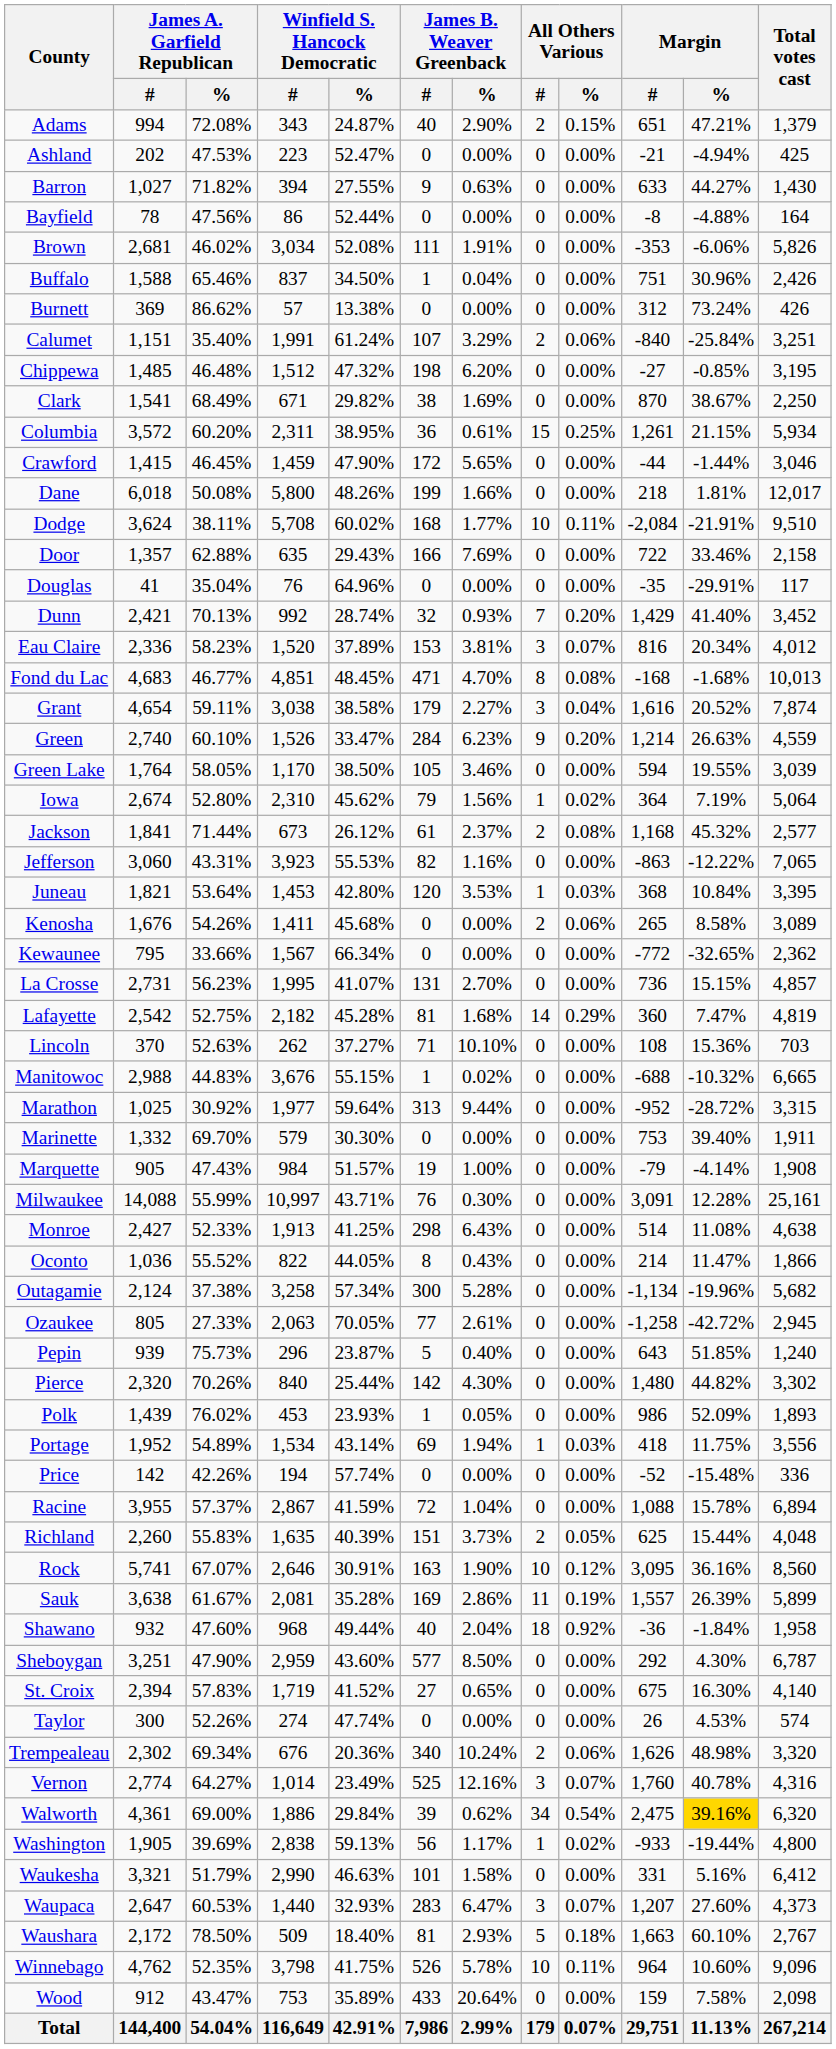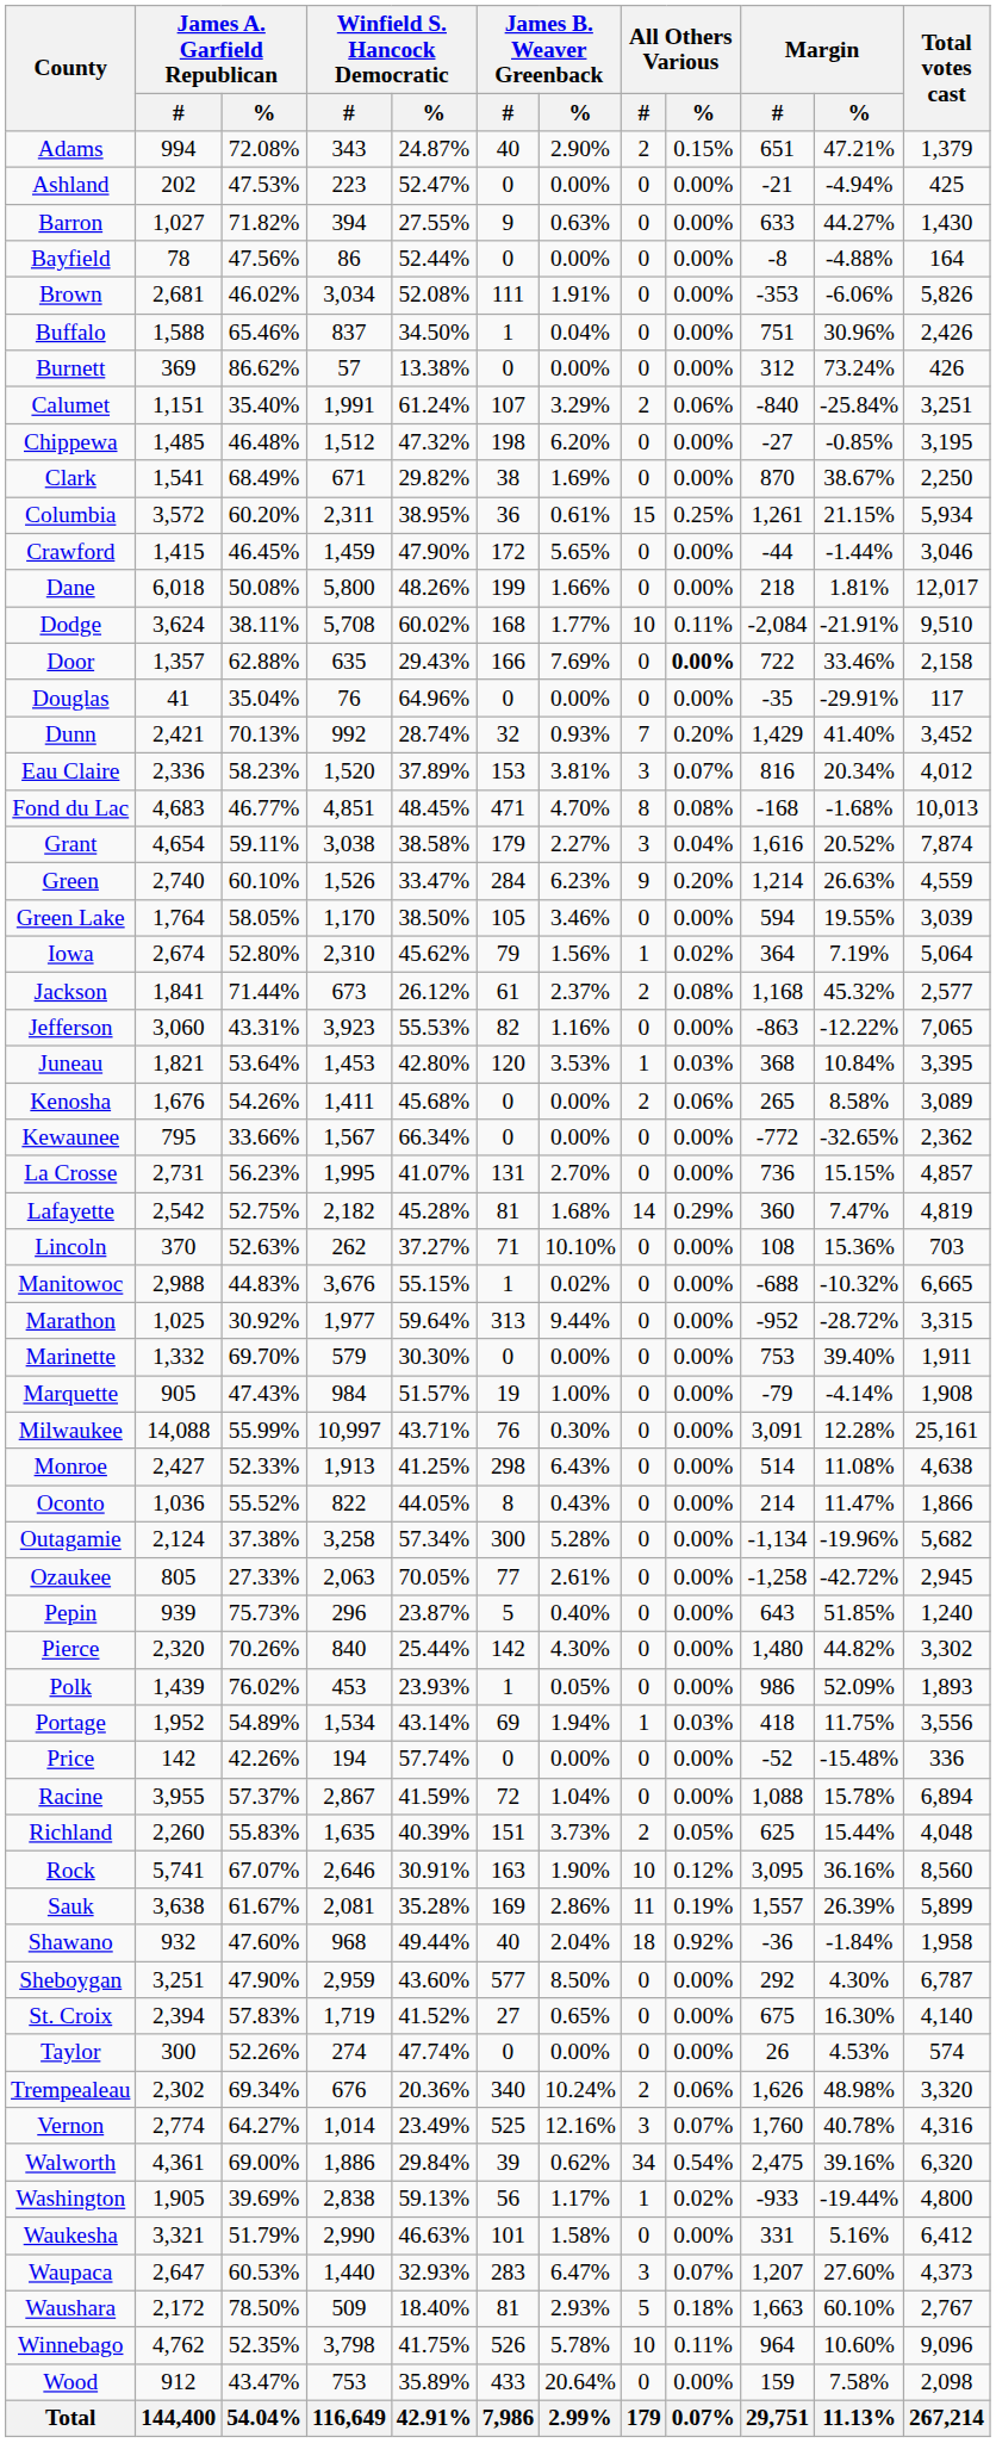 <table width="75%" class="wikitable sortable" style="text-align:center">
 <tr>
 <th rowspan="2" style="text-align:center;">County</th>
 <th colspan="2" style="text-align:center;"><a href='#'>James A. Garfield</a><br>Republican</th>
 <th colspan="2" style="text-align:center;"><a href='#'>Winfield S. Hancock</a><br>Democratic</th>
 <th colspan="2" style="text-align:center;"><a href='#'>James B. Weaver</a><br>Greenback</th>
 <th colspan="2" style="text-align:center;">All Others<br>Various</th>
 <th colspan="2" style="text-align:center;">Margin</th>
 <th rowspan="2" style="text-align:center;">Total votes cast</th>
 </tr>
 <tr>
 <th style="text-align:center;" data-sort-type="number">#</th>
 <th style="text-align:center;" data-sort-type="number">%</th>
 <th style="text-align:center;" data-sort-type="number">#</th>
 <th style="text-align:center;" data-sort-type="number">%</th>
 <th style="text-align:center;" data-sort-type="number">#</th>
 <th style="text-align:center;" data-sort-type="number">%</th>
 <th style="text-align:center;" data-sort-type="number">#</th>
 <th style="text-align:center;" data-sort-type="number">%</th>
 <th style="text-align:center;" data-sort-type="number">#</th>
 <th style="text-align:center;" data-sort-type="number">%</th>
 </tr>
 <tr style="text-align:center;">
 <td><a href='#'>Adams</a></td>
 <td>994</td>
 <td>72.08%</td>
 <td>343</td>
 <td>24.87%</td>
 <td>40</td>
 <td>2.90%</td>
 <td>2</td>
 <td>0.15%</td>
 <td>651</td>
 <td>47.21%</td>
 <td>1,379</td>
 </tr>
 <tr style="text-align:center;">
 <td><a href='#'>Ashland</a></td>
 <td>202</td>
 <td>47.53%</td>
 <td>223</td>
 <td>52.47%</td>
 <td>0</td>
 <td>0.00%</td>
 <td>0</td>
 <td>0.00%</td>
 <td>-21</td>
 <td>-4.94%</td>
 <td>425</td>
 </tr>
 <tr style="text-align:center;">
 <td><a href='#'>Barron</a></td>
 <td>1,027</td>
 <td>71.82%</td>
 <td>394</td>
 <td>27.55%</td>
 <td>9</td>
 <td>0.63%</td>
 <td>0</td>
 <td>0.00%</td>
 <td>633</td>
 <td>44.27%</td>
 <td>1,430</td>
 </tr>
 <tr style="text-align:center;">
 <td><a href='#'>Bayfield</a></td>
 <td>78</td>
 <td>47.56%</td>
 <td>86</td>
 <td>52.44%</td>
 <td>0</td>
 <td>0.00%</td>
 <td>0</td>
 <td>0.00%</td>
 <td>-8</td>
 <td>-4.88%</td>
 <td>164</td>
 </tr>
 <tr style="text-align:center;">
 <td><a href='#'>Brown</a></td>
 <td>2,681</td>
 <td>46.02%</td>
 <td>3,034</td>
 <td>52.08%</td>
 <td>111</td>
 <td>1.91%</td>
 <td>0</td>
 <td>0.00%</td>
 <td>-353</td>
 <td>-6.06%</td>
 <td>5,826</td>
 </tr>
 <tr style="text-align:center;">
 <td><a href='#'>Buffalo</a></td>
 <td>1,588</td>
 <td>65.46%</td>
 <td>837</td>
 <td>34.50%</td>
 <td>1</td>
 <td>0.04%</td>
 <td>0</td>
 <td>0.00%</td>
 <td>751</td>
 <td>30.96%</td>
 <td>2,426</td>
 </tr>
 <tr style="text-align:center;">
 <td><a href='#'>Burnett</a></td>
 <td>369</td>
 <td>86.62%</td>
 <td>57</td>
 <td>13.38%</td>
 <td>0</td>
 <td>0.00%</td>
 <td>0</td>
 <td>0.00%</td>
 <td>312</td>
 <td>73.24%</td>
 <td>426</td>
 </tr>
 <tr style="text-align:center;">
 <td><a href='#'>Calumet</a></td>
 <td>1,151</td>
 <td>35.40%</td>
 <td>1,991</td>
 <td>61.24%</td>
 <td>107</td>
 <td>3.29%</td>
 <td>2</td>
 <td>0.06%</td>
 <td>-840</td>
 <td>-25.84%</td>
 <td>3,251</td>
 </tr>
 <tr style="text-align:center;">
 <td><a href='#'>Chippewa</a></td>
 <td>1,485</td>
 <td>46.48%</td>
 <td>1,512</td>
 <td>47.32%</td>
 <td>198</td>
 <td>6.20%</td>
 <td>0</td>
 <td>0.00%</td>
 <td>-27</td>
 <td>-0.85%</td>
 <td>3,195</td>
 </tr>
 <tr style="text-align:center;">
 <td><a href='#'>Clark</a></td>
 <td>1,541</td>
 <td>68.49%</td>
 <td>671</td>
 <td>29.82%</td>
 <td>38</td>
 <td>1.69%</td>
 <td>0</td>
 <td>0.00%</td>
 <td>870</td>
 <td>38.67%</td>
 <td>2,250</td>
 </tr>
 <tr style="text-align:center;">
 <td><a href='#'>Columbia</a></td>
 <td>3,572</td>
 <td>60.20%</td>
 <td>2,311</td>
 <td>38.95%</td>
 <td>36</td>
 <td>0.61%</td>
 <td>15</td>
 <td>0.25%</td>
 <td>1,261</td>
 <td>21.15%</td>
 <td>5,934</td>
 </tr>
 <tr style="text-align:center;">
 <td><a href='#'>Crawford</a></td>
 <td>1,415</td>
 <td>46.45%</td>
 <td>1,459</td>
 <td>47.90%</td>
 <td>172</td>
 <td>5.65%</td>
 <td>0</td>
 <td>0.00%</td>
 <td>-44</td>
 <td>-1.44%</td>
 <td>3,046</td>
 </tr>
 <tr style="text-align:center;">
 <td><a href='#'>Dane</a></td>
 <td>6,018</td>
 <td>50.08%</td>
 <td>5,800</td>
 <td>48.26%</td>
 <td>199</td>
 <td>1.66%</td>
 <td>0</td>
 <td>0.00%</td>
 <td>218</td>
 <td>1.81%</td>
 <td>12,017</td>
 </tr>
 <tr style="text-align:center;">
 <td><a href='#'>Dodge</a></td>
 <td>3,624</td>
 <td>38.11%</td>
 <td>5,708</td>
 <td>60.02%</td>
 <td>168</td>
 <td>1.77%</td>
 <td>10</td>
 <td>0.11%</td>
 <td>-2,084</td>
 <td>-21.91%</td>
 <td>9,510</td>
 </tr>
 <tr style="text-align:center;">
 <td><a href='#'>Door</a></td>
 <td>1,357</td>
 <td>62.88%</td>
 <td>635</td>
 <td>29.43%</td>
 <td>166</td>
 <td>7.69%</td>
 <td>0</td>
-<td>0.00%</td>
+<td><strong>0.00%</strong></td>
 <td>722</td>
 <td>33.46%</td>
 <td>2,158</td>
 </tr>
 <tr style="text-align:center;">
 <td><a href='#'>Douglas</a></td>
 <td>41</td>
 <td>35.04%</td>
 <td>76</td>
 <td>64.96%</td>
 <td>0</td>
 <td>0.00%</td>
 <td>0</td>
 <td>0.00%</td>
 <td>-35</td>
 <td>-29.91%</td>
 <td>117</td>
 </tr>
 <tr style="text-align:center;">
 <td><a href='#'>Dunn</a></td>
 <td>2,421</td>
 <td>70.13%</td>
 <td>992</td>
 <td>28.74%</td>
 <td>32</td>
 <td>0.93%</td>
 <td>7</td>
 <td>0.20%</td>
 <td>1,429</td>
 <td>41.40%</td>
 <td>3,452</td>
 </tr>
 <tr style="text-align:center;">
 <td><a href='#'>Eau Claire</a></td>
 <td>2,336</td>
 <td>58.23%</td>
 <td>1,520</td>
 <td>37.89%</td>
 <td>153</td>
 <td>3.81%</td>
 <td>3</td>
 <td>0.07%</td>
 <td>816</td>
 <td>20.34%</td>
 <td>4,012</td>
 </tr>
 <tr style="text-align:center;">
 <td><a href='#'>Fond du Lac</a></td>
 <td>4,683</td>
 <td>46.77%</td>
 <td>4,851</td>
 <td>48.45%</td>
 <td>471</td>
 <td>4.70%</td>
 <td>8</td>
 <td>0.08%</td>
 <td>-168</td>
 <td>-1.68%</td>
 <td>10,013</td>
 </tr>
 <tr style="text-align:center;">
 <td><a href='#'>Grant</a></td>
 <td>4,654</td>
 <td>59.11%</td>
 <td>3,038</td>
 <td>38.58%</td>
 <td>179</td>
 <td>2.27%</td>
 <td>3</td>
 <td>0.04%</td>
 <td>1,616</td>
 <td>20.52%</td>
 <td>7,874</td>
 </tr>
 <tr style="text-align:center;">
 <td><a href='#'>Green</a></td>
 <td>2,740</td>
 <td>60.10%</td>
 <td>1,526</td>
 <td>33.47%</td>
 <td>284</td>
 <td>6.23%</td>
 <td>9</td>
 <td>0.20%</td>
 <td>1,214</td>
 <td>26.63%</td>
 <td>4,559</td>
 </tr>
 <tr style="text-align:center;">
 <td><a href='#'>Green Lake</a></td>
 <td>1,764</td>
 <td>58.05%</td>
 <td>1,170</td>
 <td>38.50%</td>
 <td>105</td>
 <td>3.46%</td>
 <td>0</td>
 <td>0.00%</td>
 <td>594</td>
 <td>19.55%</td>
 <td>3,039</td>
 </tr>
 <tr style="text-align:center;">
 <td><a href='#'>Iowa</a></td>
 <td>2,674</td>
 <td>52.80%</td>
 <td>2,310</td>
 <td>45.62%</td>
 <td>79</td>
 <td>1.56%</td>
 <td>1</td>
 <td>0.02%</td>
 <td>364</td>
 <td>7.19%</td>
 <td>5,064</td>
 </tr>
 <tr style="text-align:center;">
 <td><a href='#'>Jackson</a></td>
 <td>1,841</td>
 <td>71.44%</td>
 <td>673</td>
 <td>26.12%</td>
 <td>61</td>
 <td>2.37%</td>
 <td>2</td>
 <td>0.08%</td>
 <td>1,168</td>
 <td>45.32%</td>
 <td>2,577</td>
 </tr>
 <tr style="text-align:center;">
 <td><a href='#'>Jefferson</a></td>
 <td>3,060</td>
 <td>43.31%</td>
 <td>3,923</td>
 <td>55.53%</td>
 <td>82</td>
 <td>1.16%</td>
 <td>0</td>
 <td>0.00%</td>
 <td>-863</td>
 <td>-12.22%</td>
 <td>7,065</td>
 </tr>
 <tr style="text-align:center;">
 <td><a href='#'>Juneau</a></td>
 <td>1,821</td>
 <td>53.64%</td>
 <td>1,453</td>
 <td>42.80%</td>
 <td>120</td>
 <td>3.53%</td>
 <td>1</td>
 <td>0.03%</td>
 <td>368</td>
 <td>10.84%</td>
 <td>3,395</td>
 </tr>
 <tr style="text-align:center;">
 <td><a href='#'>Kenosha</a></td>
 <td>1,676</td>
 <td>54.26%</td>
 <td>1,411</td>
 <td>45.68%</td>
 <td>0</td>
 <td>0.00%</td>
 <td>2</td>
 <td>0.06%</td>
 <td>265</td>
 <td>8.58%</td>
 <td>3,089</td>
 </tr>
 <tr style="text-align:center;">
 <td><a href='#'>Kewaunee</a></td>
 <td>795</td>
 <td>33.66%</td>
 <td>1,567</td>
 <td>66.34%</td>
 <td>0</td>
 <td>0.00%</td>
 <td>0</td>
 <td>0.00%</td>
 <td>-772</td>
 <td>-32.65%</td>
 <td>2,362</td>
 </tr>
 <tr style="text-align:center;">
 <td><a href='#'>La Crosse</a></td>
 <td>2,731</td>
 <td>56.23%</td>
 <td>1,995</td>
 <td>41.07%</td>
 <td>131</td>
 <td>2.70%</td>
 <td>0</td>
 <td>0.00%</td>
 <td>736</td>
 <td>15.15%</td>
 <td>4,857</td>
 </tr>
 <tr style="text-align:center;">
 <td><a href='#'>Lafayette</a></td>
 <td>2,542</td>
 <td>52.75%</td>
 <td>2,182</td>
 <td>45.28%</td>
 <td>81</td>
 <td>1.68%</td>
 <td>14</td>
 <td>0.29%</td>
 <td>360</td>
 <td>7.47%</td>
 <td>4,819</td>
 </tr>
 <tr style="text-align:center;">
 <td><a href='#'>Lincoln</a></td>
 <td>370</td>
 <td>52.63%</td>
 <td>262</td>
 <td>37.27%</td>
 <td>71</td>
 <td>10.10%</td>
 <td>0</td>
 <td>0.00%</td>
 <td>108</td>
 <td>15.36%</td>
 <td>703</td>
 </tr>
 <tr style="text-align:center;">
 <td><a href='#'>Manitowoc</a></td>
 <td>2,988</td>
 <td>44.83%</td>
 <td>3,676</td>
 <td>55.15%</td>
 <td>1</td>
 <td>0.02%</td>
 <td>0</td>
 <td>0.00%</td>
 <td>-688</td>
 <td>-10.32%</td>
 <td>6,665</td>
 </tr>
 <tr style="text-align:center;">
 <td><a href='#'>Marathon</a></td>
 <td>1,025</td>
 <td>30.92%</td>
 <td>1,977</td>
 <td>59.64%</td>
 <td>313</td>
 <td>9.44%</td>
 <td>0</td>
 <td>0.00%</td>
 <td>-952</td>
 <td>-28.72%</td>
 <td>3,315</td>
 </tr>
 <tr style="text-align:center;">
 <td><a href='#'>Marinette</a></td>
 <td>1,332</td>
 <td>69.70%</td>
 <td>579</td>
 <td>30.30%</td>
 <td>0</td>
 <td>0.00%</td>
 <td>0</td>
 <td>0.00%</td>
 <td>753</td>
 <td>39.40%</td>
 <td>1,911</td>
 </tr>
 <tr style="text-align:center;">
 <td><a href='#'>Marquette</a></td>
 <td>905</td>
 <td>47.43%</td>
 <td>984</td>
 <td>51.57%</td>
 <td>19</td>
 <td>1.00%</td>
 <td>0</td>
 <td>0.00%</td>
 <td>-79</td>
 <td>-4.14%</td>
 <td>1,908</td>
 </tr>
 <tr style="text-align:center;">
 <td><a href='#'>Milwaukee</a></td>
 <td>14,088</td>
 <td>55.99%</td>
 <td>10,997</td>
 <td>43.71%</td>
 <td>76</td>
 <td>0.30%</td>
 <td>0</td>
 <td>0.00%</td>
 <td>3,091</td>
 <td>12.28%</td>
 <td>25,161</td>
 </tr>
 <tr style="text-align:center;">
 <td><a href='#'>Monroe</a></td>
 <td>2,427</td>
 <td>52.33%</td>
 <td>1,913</td>
 <td>41.25%</td>
 <td>298</td>
 <td>6.43%</td>
 <td>0</td>
 <td>0.00%</td>
 <td>514</td>
 <td>11.08%</td>
 <td>4,638</td>
 </tr>
 <tr style="text-align:center;">
 <td><a href='#'>Oconto</a></td>
 <td>1,036</td>
 <td>55.52%</td>
 <td>822</td>
 <td>44.05%</td>
 <td>8</td>
 <td>0.43%</td>
 <td>0</td>
 <td>0.00%</td>
 <td>214</td>
 <td>11.47%</td>
 <td>1,866</td>
 </tr>
 <tr style="text-align:center;">
 <td><a href='#'>Outagamie</a></td>
 <td>2,124</td>
 <td>37.38%</td>
 <td>3,258</td>
 <td>57.34%</td>
 <td>300</td>
 <td>5.28%</td>
 <td>0</td>
 <td>0.00%</td>
 <td>-1,134</td>
 <td>-19.96%</td>
 <td>5,682</td>
 </tr>
 <tr style="text-align:center;">
 <td><a href='#'>Ozaukee</a></td>
 <td>805</td>
 <td>27.33%</td>
 <td>2,063</td>
 <td>70.05%</td>
 <td>77</td>
 <td>2.61%</td>
 <td>0</td>
 <td>0.00%</td>
 <td>-1,258</td>
 <td>-42.72%</td>
 <td>2,945</td>
 </tr>
 <tr style="text-align:center;">
 <td><a href='#'>Pepin</a></td>
 <td>939</td>
 <td>75.73%</td>
 <td>296</td>
 <td>23.87%</td>
 <td>5</td>
 <td>0.40%</td>
 <td>0</td>
 <td>0.00%</td>
 <td>643</td>
 <td>51.85%</td>
 <td>1,240</td>
 </tr>
 <tr style="text-align:center;">
 <td><a href='#'>Pierce</a></td>
 <td>2,320</td>
 <td>70.26%</td>
 <td>840</td>
 <td>25.44%</td>
 <td>142</td>
 <td>4.30%</td>
 <td>0</td>
 <td>0.00%</td>
 <td>1,480</td>
 <td>44.82%</td>
 <td>3,302</td>
 </tr>
 <tr style="text-align:center;">
 <td><a href='#'>Polk</a></td>
 <td>1,439</td>
 <td>76.02%</td>
 <td>453</td>
 <td>23.93%</td>
 <td>1</td>
 <td>0.05%</td>
 <td>0</td>
 <td>0.00%</td>
 <td>986</td>
 <td>52.09%</td>
 <td>1,893</td>
 </tr>
 <tr style="text-align:center;">
 <td><a href='#'>Portage</a></td>
 <td>1,952</td>
 <td>54.89%</td>
 <td>1,534</td>
 <td>43.14%</td>
 <td>69</td>
 <td>1.94%</td>
 <td>1</td>
 <td>0.03%</td>
 <td>418</td>
 <td>11.75%</td>
 <td>3,556</td>
 </tr>
 <tr style="text-align:center;">
 <td><a href='#'>Price</a></td>
 <td>142</td>
 <td>42.26%</td>
 <td>194</td>
 <td>57.74%</td>
 <td>0</td>
 <td>0.00%</td>
 <td>0</td>
 <td>0.00%</td>
 <td>-52</td>
 <td>-15.48%</td>
 <td>336</td>
 </tr>
 <tr style="text-align:center;">
 <td><a href='#'>Racine</a></td>
 <td>3,955</td>
 <td>57.37%</td>
 <td>2,867</td>
 <td>41.59%</td>
 <td>72</td>
 <td>1.04%</td>
 <td>0</td>
 <td>0.00%</td>
 <td>1,088</td>
 <td>15.78%</td>
 <td>6,894</td>
 </tr>
 <tr style="text-align:center;">
 <td><a href='#'>Richland</a></td>
 <td>2,260</td>
 <td>55.83%</td>
 <td>1,635</td>
 <td>40.39%</td>
 <td>151</td>
 <td>3.73%</td>
 <td>2</td>
 <td>0.05%</td>
 <td>625</td>
 <td>15.44%</td>
 <td>4,048</td>
 </tr>
 <tr style="text-align:center;">
 <td><a href='#'>Rock</a></td>
 <td>5,741</td>
 <td>67.07%</td>
 <td>2,646</td>
 <td>30.91%</td>
 <td>163</td>
 <td>1.90%</td>
 <td>10</td>
 <td>0.12%</td>
 <td>3,095</td>
 <td>36.16%</td>
 <td>8,560</td>
 </tr>
 <tr style="text-align:center;">
 <td><a href='#'>Sauk</a></td>
 <td>3,638</td>
 <td>61.67%</td>
 <td>2,081</td>
 <td>35.28%</td>
 <td>169</td>
 <td>2.86%</td>
 <td>11</td>
 <td>0.19%</td>
 <td>1,557</td>
 <td>26.39%</td>
 <td>5,899</td>
 </tr>
 <tr style="text-align:center;">
 <td><a href='#'>Shawano</a></td>
 <td>932</td>
 <td>47.60%</td>
 <td>968</td>
 <td>49.44%</td>
 <td>40</td>
 <td>2.04%</td>
 <td>18</td>
 <td>0.92%</td>
 <td>-36</td>
 <td>-1.84%</td>
 <td>1,958</td>
 </tr>
 <tr style="text-align:center;">
 <td><a href='#'>Sheboygan</a></td>
 <td>3,251</td>
 <td>47.90%</td>
 <td>2,959</td>
 <td>43.60%</td>
 <td>577</td>
 <td>8.50%</td>
 <td>0</td>
 <td>0.00%</td>
 <td>292</td>
 <td>4.30%</td>
 <td>6,787</td>
 </tr>
 <tr style="text-align:center;">
 <td><a href='#'>St. Croix</a></td>
 <td>2,394</td>
 <td>57.83%</td>
 <td>1,719</td>
 <td>41.52%</td>
 <td>27</td>
 <td>0.65%</td>
 <td>0</td>
 <td>0.00%</td>
 <td>675</td>
 <td>16.30%</td>
 <td>4,140</td>
 </tr>
 <tr style="text-align:center;">
 <td><a href='#'>Taylor</a></td>
 <td>300</td>
 <td>52.26%</td>
 <td>274</td>
 <td>47.74%</td>
 <td>0</td>
 <td>0.00%</td>
 <td>0</td>
 <td>0.00%</td>
 <td>26</td>
 <td>4.53%</td>
 <td>574</td>
 </tr>
 <tr style="text-align:center;">
 <td><a href='#'>Trempealeau</a></td>
 <td>2,302</td>
 <td>69.34%</td>
 <td>676</td>
 <td>20.36%</td>
 <td>340</td>
 <td>10.24%</td>
 <td>2</td>
 <td>0.06%</td>
 <td>1,626</td>
 <td>48.98%</td>
 <td>3,320</td>
 </tr>
 <tr style="text-align:center;">
 <td><a href='#'>Vernon</a></td>
 <td>2,774</td>
 <td>64.27%</td>
 <td>1,014</td>
 <td>23.49%</td>
 <td>525</td>
 <td>12.16%</td>
 <td>3</td>
 <td>0.07%</td>
 <td>1,760</td>
 <td>40.78%</td>
 <td>4,316</td>
 </tr>
 <tr style="text-align:center;">
 <td><a href='#'>Walworth</a></td>
 <td>4,361</td>
 <td>69.00%</td>
 <td>1,886</td>
 <td>29.84%</td>
 <td>39</td>
 <td>0.62%</td>
 <td>34</td>
 <td>0.54%</td>
 <td>2,475</td>
-<td style="background: gold;">39.16%</td>
+<td>39.16%</td>
 <td>6,320</td>
 </tr>
 <tr style="text-align:center;">
 <td><a href='#'>Washington</a></td>
 <td>1,905</td>
 <td>39.69%</td>
 <td>2,838</td>
 <td>59.13%</td>
 <td>56</td>
 <td>1.17%</td>
 <td>1</td>
 <td>0.02%</td>
 <td>-933</td>
 <td>-19.44%</td>
 <td>4,800</td>
 </tr>
 <tr style="text-align:center;">
 <td><a href='#'>Waukesha</a></td>
 <td>3,321</td>
 <td>51.79%</td>
 <td>2,990</td>
 <td>46.63%</td>
 <td>101</td>
 <td>1.58%</td>
 <td>0</td>
 <td>0.00%</td>
 <td>331</td>
 <td>5.16%</td>
 <td>6,412</td>
 </tr>
 <tr style="text-align:center;">
 <td><a href='#'>Waupaca</a></td>
 <td>2,647</td>
 <td>60.53%</td>
 <td>1,440</td>
 <td>32.93%</td>
 <td>283</td>
 <td>6.47%</td>
 <td>3</td>
 <td>0.07%</td>
 <td>1,207</td>
 <td>27.60%</td>
 <td>4,373</td>
 </tr>
 <tr style="text-align:center;">
 <td><a href='#'>Waushara</a></td>
 <td>2,172</td>
 <td>78.50%</td>
 <td>509</td>
 <td>18.40%</td>
 <td>81</td>
 <td>2.93%</td>
 <td>5</td>
 <td>0.18%</td>
 <td>1,663</td>
 <td>60.10%</td>
 <td>2,767</td>
 </tr>
 <tr style="text-align:center;">
 <td><a href='#'>Winnebago</a></td>
 <td>4,762</td>
 <td>52.35%</td>
 <td>3,798</td>
 <td>41.75%</td>
 <td>526</td>
 <td>5.78%</td>
 <td>10</td>
 <td>0.11%</td>
 <td>964</td>
 <td>10.60%</td>
 <td>9,096</td>
 </tr>
 <tr style="text-align:center;">
 <td><a href='#'>Wood</a></td>
 <td>912</td>
 <td>43.47%</td>
 <td>753</td>
 <td>35.89%</td>
 <td>433</td>
 <td>20.64%</td>
 <td>0</td>
 <td>0.00%</td>
 <td>159</td>
 <td>7.58%</td>
 <td>2,098</td>
 </tr>
 <tr>
 <th>Total</th>
 <th>144,400</th>
 <th>54.04%</th>
 <th>116,649</th>
 <th>42.91%</th>
 <th>7,986</th>
 <th>2.99%</th>
 <th>179</th>
 <th>0.07%</th>
 <th>29,751</th>
 <th>11.13%</th>
 <th>267,214</th>
 </tr>
 </table>
